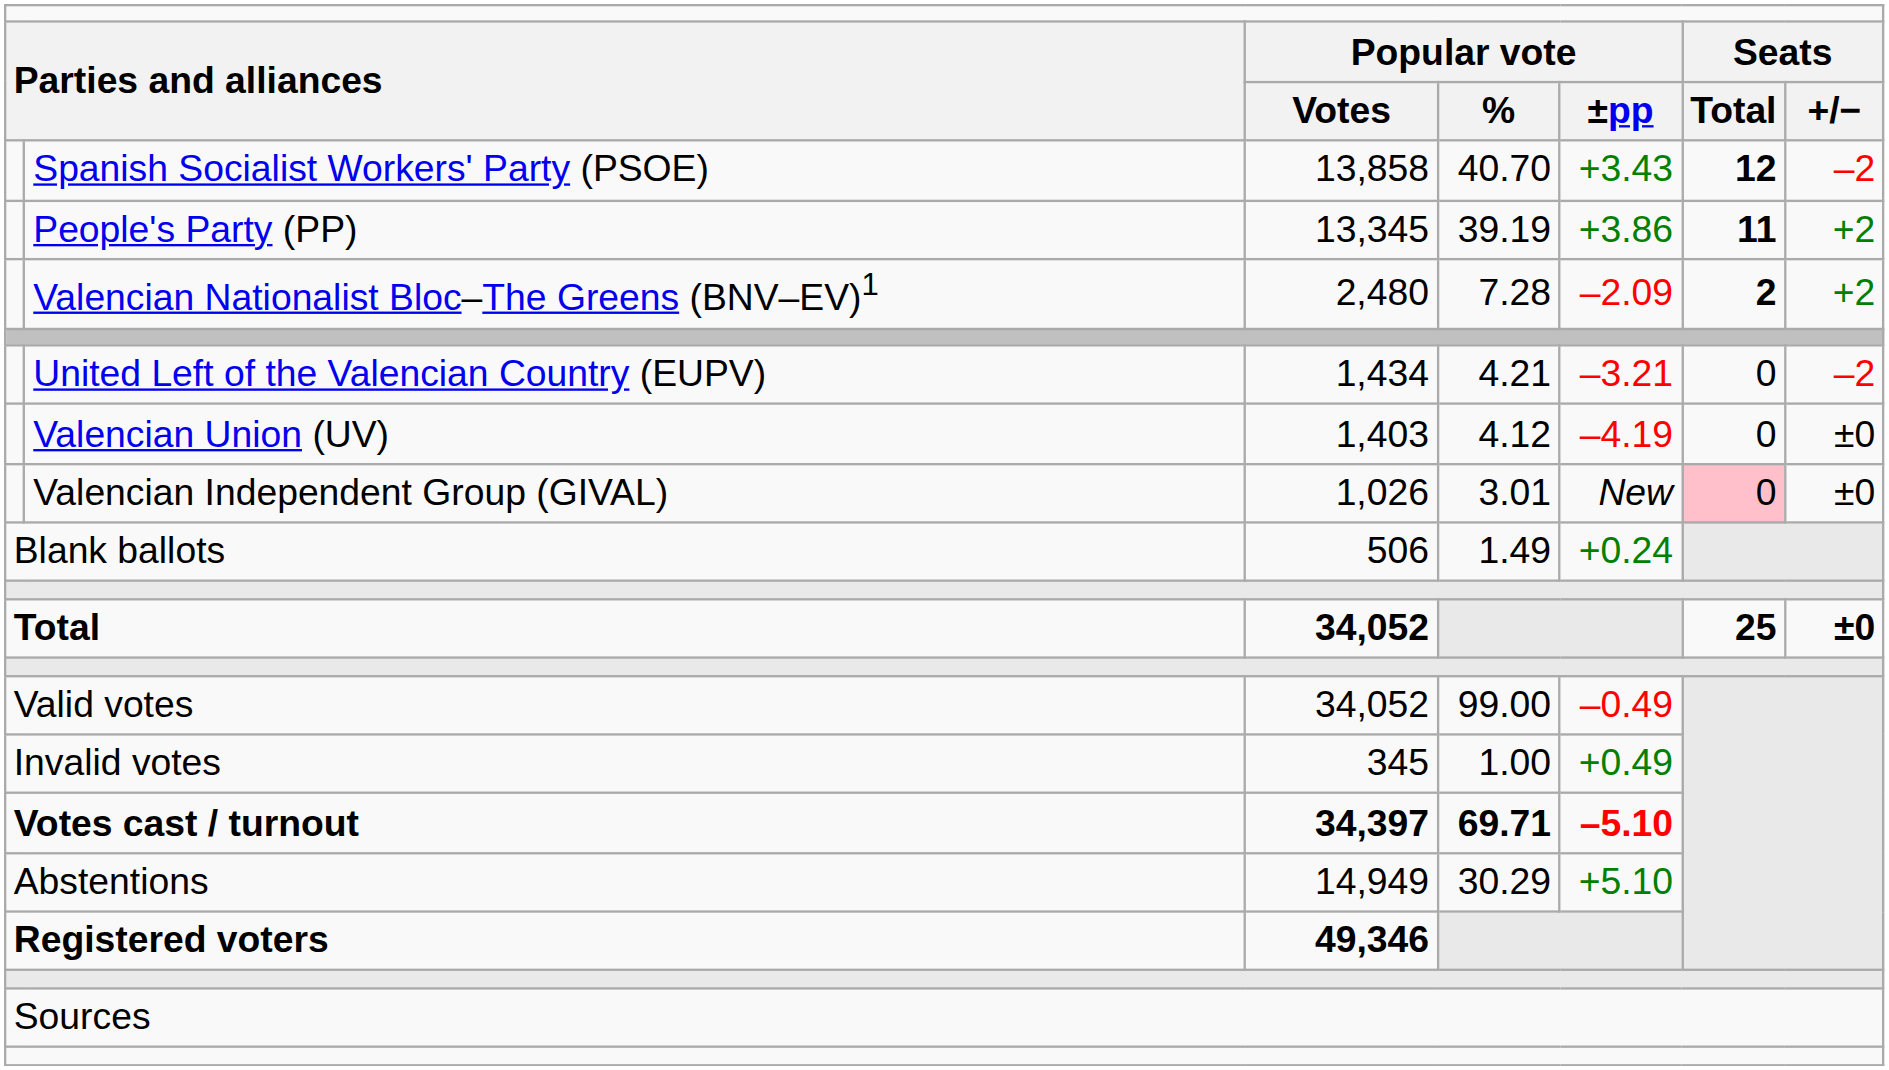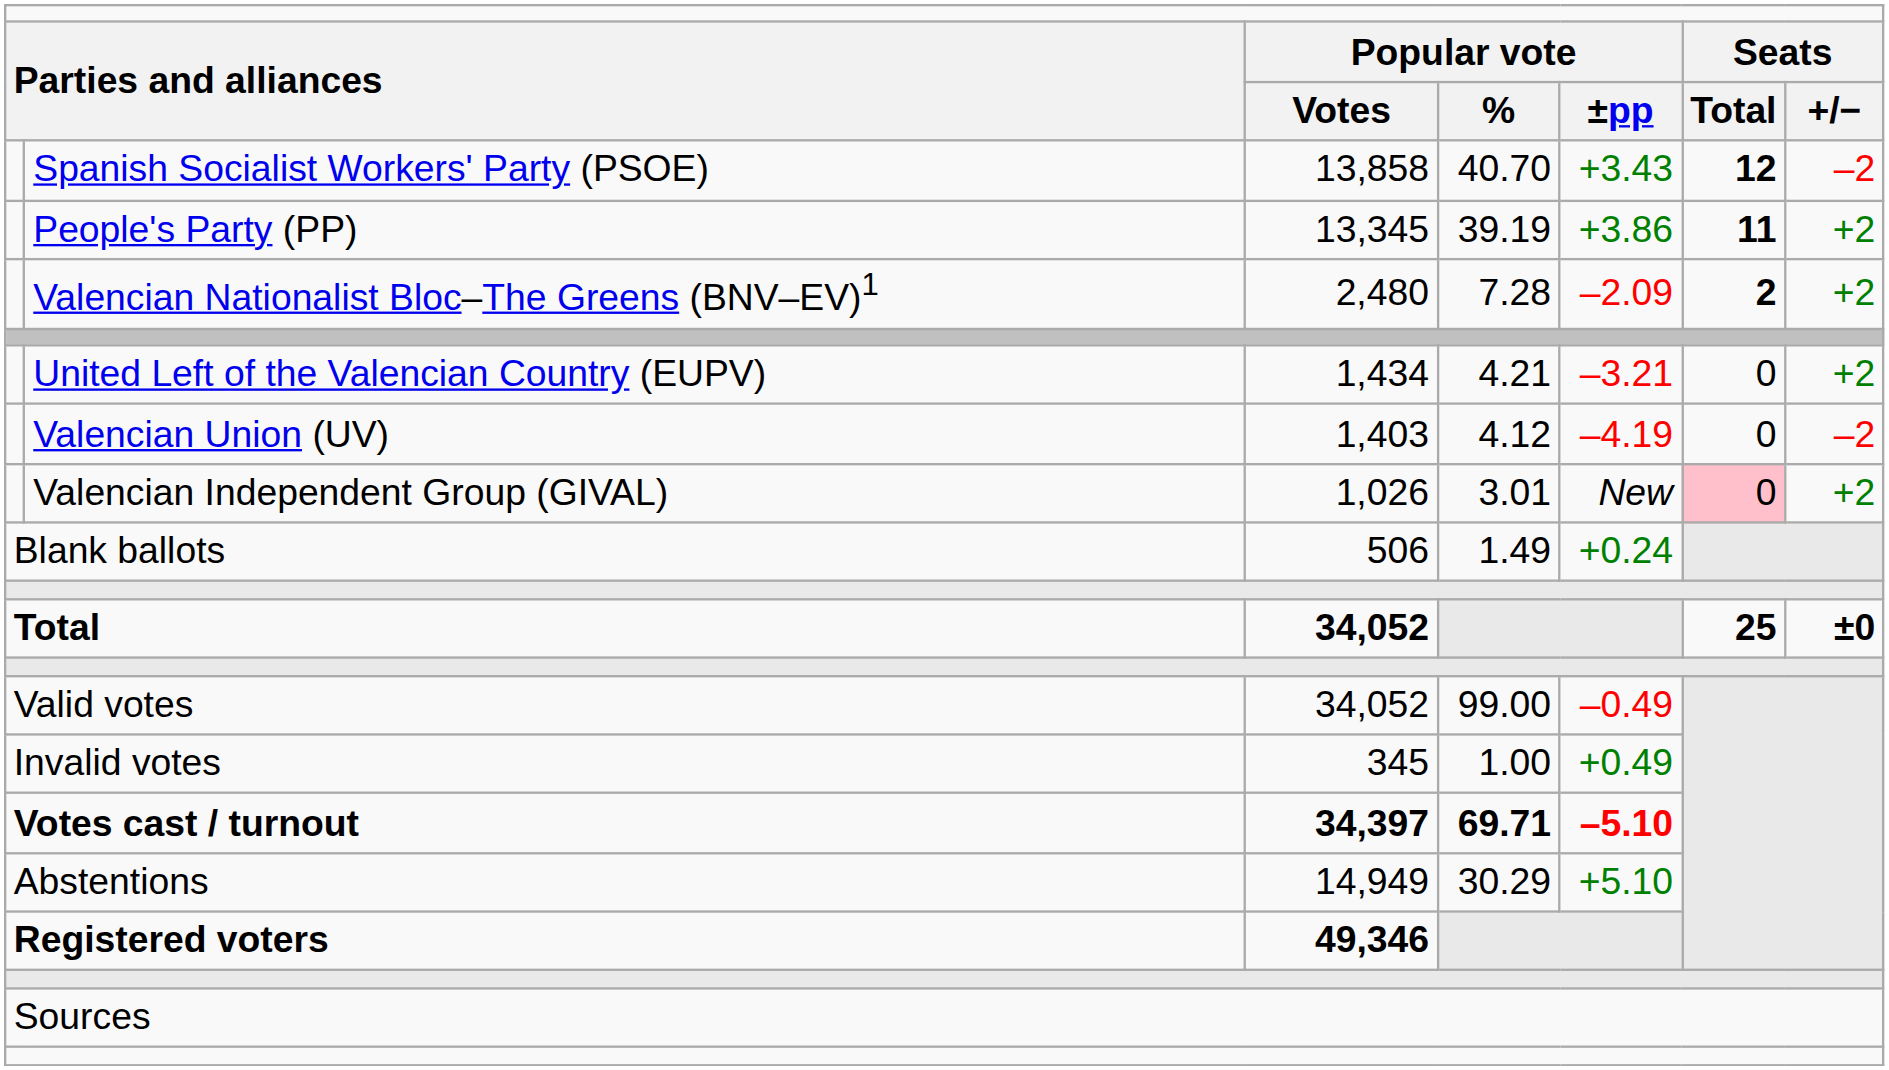 <table class="wikitable" style="text-align:right;">
 <tr>
 <td colspan="7"></td>
 </tr>
 <tr>
 <th style="text-align:left;" rowspan="2" colspan="2" width="525">Parties and alliances</th>
 <th colspan="3">Popular vote</th>
 <th colspan="2">Seats</th>
 </tr>
 <tr>
 <th width="75">Votes</th>
 <th width="45">%</th>
 <th width="45">±<a href='#'>pp</a></th>
 <th width="35">Total</th>
 <th width="35">+/−</th>
 </tr>
 <tr>
 <td width="1" style="color:inherit;background:"></td>
 <td align="left"><a href='#'>Spanish Socialist Workers' Party</a> (PSOE)</td>
 <td>13,858</td>
 <td>40.70</td>
 <td style="color:green;">+3.43</td>
 <td><strong>12</strong></td>
 <td style="color:red;">–2</td>
 </tr>
 <tr>
 <td style="color:inherit;background:"></td>
 <td align="left"><a href='#'>People's Party</a> (PP)</td>
 <td>13,345</td>
 <td>39.19</td>
 <td style="color:green;">+3.86</td>
 <td><strong>11</strong></td>
 <td style="color:green;">+2</td>
 </tr>
 <tr>
 <td style="color:inherit;background:"></td>
 <td align="left"><a href='#'>Valencian Nationalist Bloc</a>–<a href='#'>The Greens</a> (BNV–EV)<sup>1</sup></td>
 <td>2,480</td>
 <td>7.28</td>
 <td style="color:red;">–2.09</td>
 <td><strong>2</strong></td>
 <td style="color:green;">+2</td>
 </tr>
 <tr>
 <td colspan="7" bgcolor="#C0C0C0"></td>
 </tr>
 <tr>
 <td style="color:inherit;background:"></td>
 <td align="left"><a href='#'>United Left of the Valencian Country</a> (EUPV)</td>
 <td>1,434</td>
 <td>4.21</td>
 <td style="color:red;">–3.21</td>
 <td>0</td>
-<td style="color:red;">–2</td>
+<td style="color:green;">+2</td>
 </tr>
 <tr>
 <td style="color:inherit;background:"></td>
 <td align="left"><a href='#'>Valencian Union</a> (UV)</td>
 <td>1,403</td>
 <td>4.12</td>
 <td style="color:red;">–4.19</td>
 <td>0</td>
-<td>±0</td>
+<td style="color:red;">–2</td>
 </tr>
 <tr>
 <td style="color:inherit;background:"></td>
 <td align="left">Valencian Independent Group (GIVAL)</td>
 <td>1,026</td>
 <td>3.01</td>
 <td><em>New</em></td>
 <td style="background: pink;">0</td>
-<td>±0</td>
+<td style="color:green;">+2</td>
 </tr>
 <tr>
 <td align="left" colspan="2">Blank ballots</td>
 <td>506</td>
 <td>1.49</td>
 <td style="color:green;">+0.24</td>
 <td bgcolor="#E9E9E9" colspan="2"></td>
 </tr>
 <tr>
 <td colspan="7" bgcolor="#E9E9E9"></td>
 </tr>
 <tr style="font-weight:bold;">
 <td align="left" colspan="2">Total</td>
 <td>34,052</td>
 <td bgcolor="#E9E9E9" colspan="2"></td>
 <td>25</td>
 <td>±0</td>
 </tr>
 <tr>
 <td colspan="7" bgcolor="#E9E9E9"></td>
 </tr>
 <tr>
 <td align="left" colspan="2">Valid votes</td>
 <td>34,052</td>
 <td>99.00</td>
 <td style="color:red;">–0.49</td>
 <td bgcolor="#E9E9E9" colspan="2" rowspan="5"></td>
 </tr>
 <tr>
 <td align="left" colspan="2">Invalid votes</td>
 <td>345</td>
 <td>1.00</td>
 <td style="color:green;">+0.49</td>
 </tr>
 <tr style="font-weight:bold;">
 <td align="left" colspan="2">Votes cast / turnout</td>
 <td>34,397</td>
 <td>69.71</td>
 <td style="color:red;">–5.10</td>
 </tr>
 <tr>
 <td align="left" colspan="2">Abstentions</td>
 <td>14,949</td>
 <td>30.29</td>
 <td style="color:green;">+5.10</td>
 </tr>
 <tr style="font-weight:bold;">
 <td align="left" colspan="2">Registered voters</td>
 <td>49,346</td>
 <td bgcolor="#E9E9E9" colspan="2"></td>
 </tr>
 <tr>
 <td colspan="7" bgcolor="#E9E9E9"></td>
 </tr>
 <tr>
 <td align="left" colspan="7">Sources</td>
 </tr>
 <tr>
 <td colspan="7" style="text-align:left; max-width:790px;"></td>
 </tr>
 </table>
